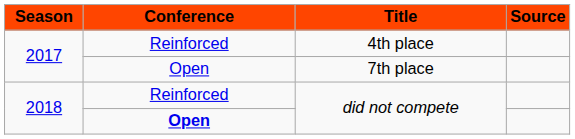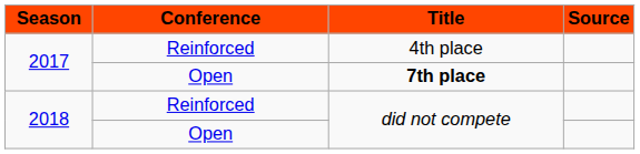 <table class="wikitable">
 <tr>
 <th width=70px style="background: #FF4500; color:black; text-align: center"><strong>Season</strong></th>
 <th width=200px style="background: #FF4500; color:black">Conference</th>
 <th width=200px style="background: #FF4500; color:black">Title</th>
 <th width=50px style="background: #FF4500; color:black">Source</th>
 </tr>
 <tr align=center>
 <td rowspan=2><a href='#'>2017</a></td>
 <td><a href='#'>Reinforced</a></td>
 <td>4th place</td>
 <td></td>
 </tr>
 <tr align=center>
 <td><a href='#'>Open</a></td>
-<td>7th place</td>
+<td><strong>7th place</strong></td>
 <td></td>
 </tr>
 <tr align=center>
 <td rowspan=2><a href='#'>2018</a></td>
 <td><a href='#'>Reinforced</a></td>
 <td rowspan=2><em>did not compete</em></td>
 <td></td>
 </tr>
 <tr align=center>
-<td><strong><a href='#'>Open</a></strong></td>
+<td><a href='#'>Open</a></td>
 <td></td>
 </tr>
 </table>
